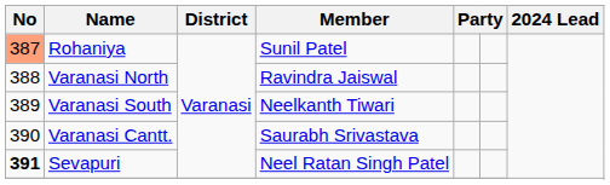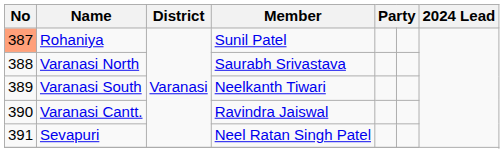 <table class="wikitable sortable">
 <tr>
 <th>No</th>
 <th>Name</th>
 <th>District</th>
 <th>Member</th>
 <th colspan=2>Party</th>
 <th colspan=2>2024 Lead</th>
 </tr>
 <tr>
 <td style="background: lightsalmon;">387</td>
 <td><a href='#'>Rohaniya</a></td>
 <td rowspan="5"><a href='#'>Varanasi</a></td>
 <td><a href='#'>Sunil Patel</a></td>
 <td></td>
 <td></td>
 </tr>
 <tr>
 <td>388</td>
 <td><a href='#'>Varanasi North</a></td>
-<td><a href='#'>Ravindra Jaiswal</a></td>
+<td><a href='#'>Saurabh Srivastava</a></td>
 <td></td>
 <td></td>
 </tr>
 <tr>
 <td>389</td>
 <td><a href='#'>Varanasi South</a></td>
 <td><a href='#'>Neelkanth Tiwari</a></td>
 <td></td>
 <td></td>
 </tr>
 <tr>
 <td>390</td>
 <td><a href='#'>Varanasi Cantt.</a></td>
-<td><a href='#'>Saurabh Srivastava</a></td>
+<td><a href='#'>Ravindra Jaiswal</a></td>
 <td></td>
 <td></td>
 </tr>
 <tr>
-<td><strong>391</strong></td>
+<td>391</td>
 <td><a href='#'>Sevapuri</a></td>
 <td><a href='#'>Neel Ratan Singh Patel</a></td>
 <td></td>
 <td></td>
 </tr>
 <tr>
 </tr>
 </table>
